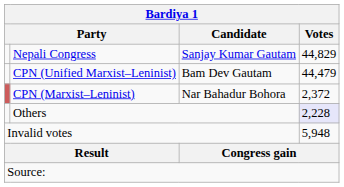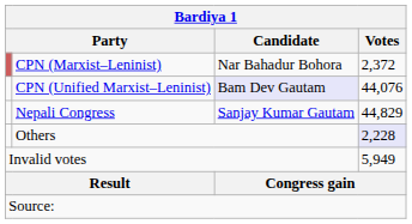 <table class="wikitable">
 <tr>
 <th colspan="4"><a href='#'>Bardiya 1</a></th>
 </tr>
 <tr>
 <th colspan="2">Party</th>
 <th>Candidate</th>
 <th>Votes</th>
 </tr>
 <tr>
+<td style="background-color:indianred"></td>
+<td><a href='#'>CPN (Marxist–Leninist)</a></td>
+<td>Nar Bahadur Bohora</td>
+<td>2,372</td>
+</tr>
+<tr>
+<td style="background-color:"></td>
+<td><a href='#'>CPN (Unified Marxist–Leninist)</a></td>
+<td style="background: lavender;">Bam Dev Gautam</td>
+<td>44,076</td>
+</tr>
+<tr>
 <td style="background-color:"></td>
 <td><a href='#'>Nepali Congress</a></td>
 <td><a href='#'>Sanjay Kumar Gautam</a></td>
 <td>44,829</td>
-</tr>
-<tr>
-<td style="background-color:"></td>
-<td><a href='#'>CPN (Unified Marxist–Leninist)</a></td>
-<td>Bam Dev Gautam</td>
-<td>44,479</td>
-</tr>
-<tr>
-<td style="background-color:indianred"></td>
-<td><a href='#'>CPN (Marxist–Leninist)</a></td>
-<td>Nar Bahadur Bohora</td>
-<td>2,372</td>
 </tr>
 <tr>
 <td></td>
 <td colspan="2">Others</td>
 <td style="background: lavender;">2,228</td>
 </tr>
 <tr>
 <td colspan="3">Invalid votes</td>
-<td>5,948</td>
+<td>5,949</td>
 </tr>
 <tr>
 <th colspan="2">Result</th>
 <th colspan="2">Congress gain</th>
 </tr>
 <tr>
 <td colspan="4">Source: </td>
 </tr>
 </table>
